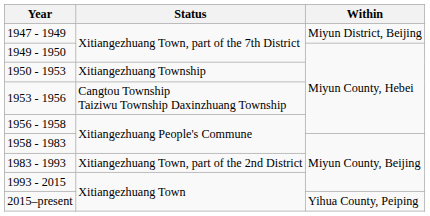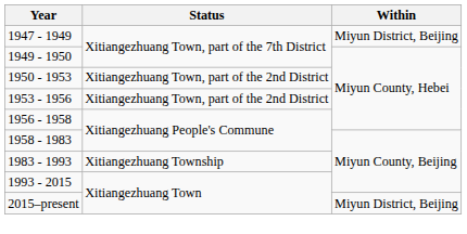 <table class="wikitable">
 <tr>
 <th>Year</th>
 <th>Status</th>
 <th>Within</th>
 </tr>
 <tr>
 <td>1947 - 1949</td>
 <td rowspan="2">Xitiangezhuang Town, part of the 7th District</td>
 <td>Miyun District, Beijing</td>
 </tr>
 <tr>
 <td>1949 - 1950</td>
 <td rowspan="4">Miyun County, Hebei</td>
 </tr>
 <tr>
 <td>1950 - 1953</td>
-<td>Xitiangezhuang Township</td>
+<td>Xitiangezhuang Town, part of the 2nd District</td>
 </tr>
 <tr>
 <td>1953 - 1956</td>
-<td>Cangtou Township<br>Taiziwu Township Daxinzhuang Township</td>
+<td>Xitiangezhuang Town, part of the 2nd District</td>
 </tr>
 <tr>
 <td>1956 - 1958</td>
 <td rowspan="2">Xitiangezhuang People's Commune</td>
 </tr>
 <tr>
 <td>1958 - 1983</td>
 <td rowspan="3">Miyun County, Beijing</td>
 </tr>
 <tr>
 <td>1983 - 1993</td>
-<td>Xitiangezhuang Town, part of the 2nd District</td>
+<td>Xitiangezhuang Township</td>
 </tr>
 <tr>
 <td>1993 - 2015</td>
 <td rowspan="2">Xitiangezhuang Town</td>
 </tr>
 <tr>
 <td>2015–present</td>
-<td>Yihua County, Peiping</td>
+<td>Miyun District, Beijing</td>
 </tr>
 </table>
